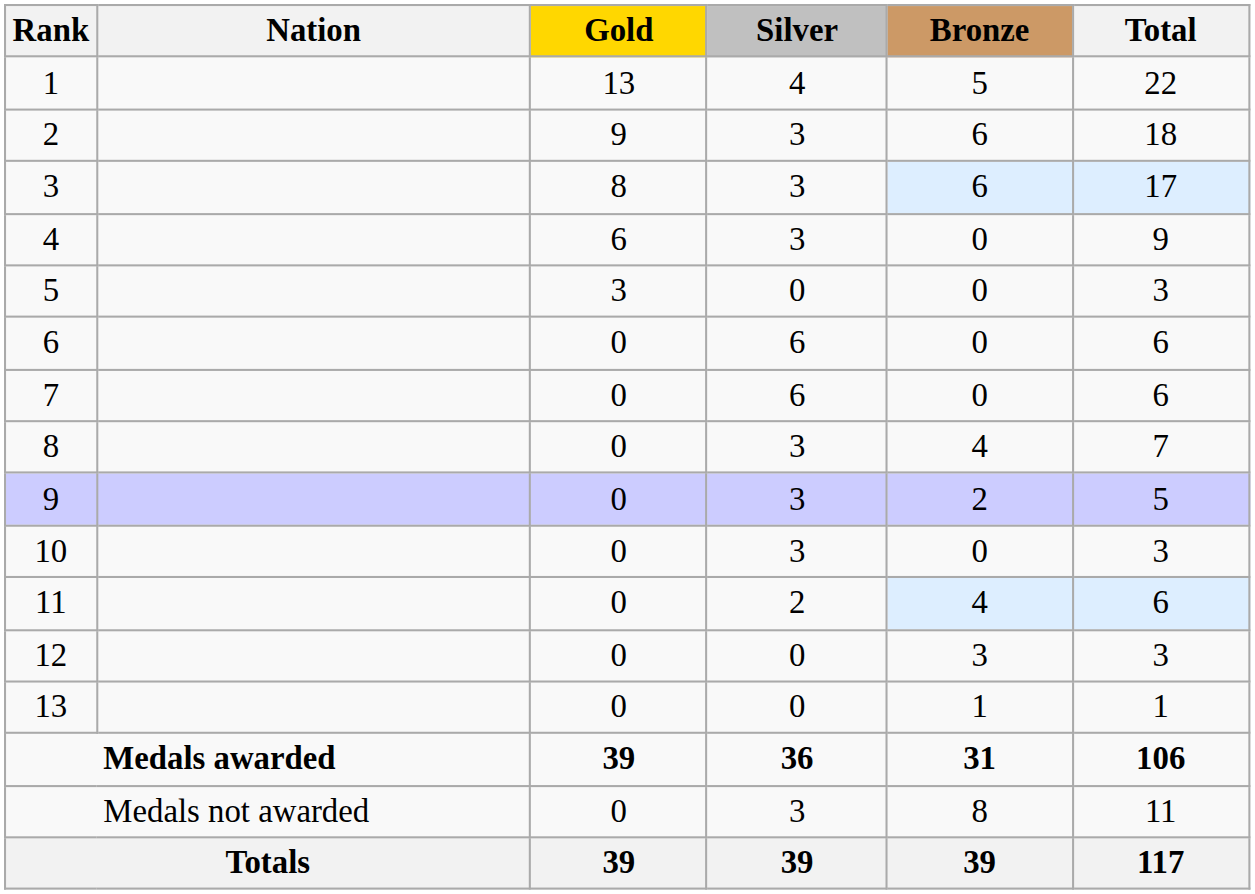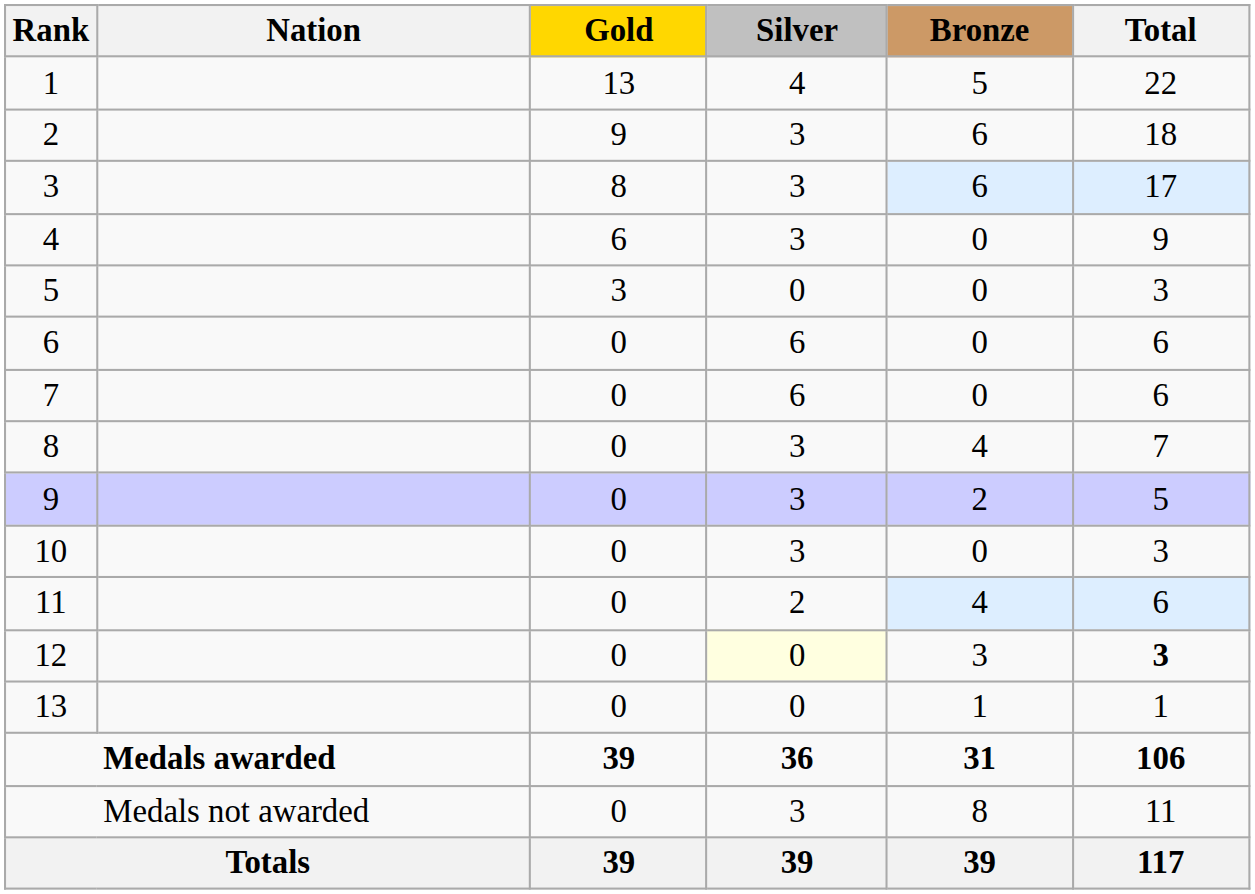 <table class="wikitable sortable plainrowheaders" style="text-align: center">
 <tr>
 <th scope="col">Rank</th>
 <th scope="col" style="width:260px">Nation</th>
 <th scope="col" style="background-color:gold; width:6em;">Gold</th>
 <th scope="col" style="background-color:silver; width:6em;">Silver</th>
 <th scope="col" style="background-color:#cc9966; width:6em;">Bronze</th>
 <th scope="col" style="width:6em;">Total</th>
 </tr>
 <tr>
 <td>1</td>
 <td align=left></td>
 <td>13</td>
 <td>4</td>
 <td>5</td>
 <td>22</td>
 </tr>
 <tr>
 <td>2</td>
 <td align=left></td>
 <td>9</td>
 <td>3</td>
 <td>6</td>
 <td>18</td>
 </tr>
 <tr>
 <td>3</td>
 <td align=left></td>
 <td>8</td>
 <td>3</td>
 <td style="background:#def;"> 6 </td>
 <td style="background:#def;"> 17 </td>
 </tr>
 <tr>
 <td>4</td>
 <td align=left></td>
 <td>6</td>
 <td>3</td>
 <td>0</td>
 <td>9</td>
 </tr>
 <tr>
 <td>5</td>
 <td align=left></td>
 <td>3</td>
 <td>0</td>
 <td>0</td>
 <td>3</td>
 </tr>
 <tr>
 <td>6</td>
 <td align=left></td>
 <td>0</td>
 <td>6</td>
 <td>0</td>
 <td>6</td>
 </tr>
 <tr>
 <td>7</td>
 <td align=left></td>
 <td>0</td>
 <td>6</td>
 <td>0</td>
 <td>6</td>
 </tr>
 <tr>
 <td>8</td>
 <td align=left></td>
 <td>0</td>
 <td>3</td>
 <td>4</td>
 <td>7</td>
 </tr>
 <tr bgcolor=#ccf>
 <td>9</td>
 <td align=left></td>
 <td>0</td>
 <td>3</td>
 <td>2</td>
 <td>5</td>
 </tr>
 <tr>
 <td>10</td>
 <td align=left></td>
 <td>0</td>
 <td>3</td>
 <td>0</td>
 <td>3</td>
 </tr>
 <tr>
 <td>11</td>
 <td align=left></td>
 <td>0</td>
 <td>2</td>
 <td style="background:#def;"> 4 </td>
 <td style="background:#def;"> 6 </td>
 </tr>
 <tr>
 <td>12</td>
 <td align=left></td>
 <td>0</td>
-<td>0</td>
+<td style="background: lightyellow;">0</td>
 <td>3</td>
-<td>3</td>
+<td><strong>3</strong></td>
 </tr>
 <tr>
 <td>13</td>
 <td align=left></td>
 <td>0</td>
 <td>0</td>
 <td>1</td>
 <td>1</td>
 </tr>
 <tr>
 <td style="border-right:0px;"> </td>
 <td style="border-left:0px; text-align:left;"><strong>Medals awarded</strong></td>
 <td><strong>39</strong></td>
 <td><strong>36</strong></td>
 <td><strong>31</strong></td>
 <td><strong>106</strong></td>
 </tr>
 <tr>
 <td style="border-right:0px;"> </td>
 <td style="border-left:0px; text-align:left;">Medals not awarded</td>
 <td>0</td>
 <td>3</td>
 <td>8</td>
 <td> 11 </td>
 </tr>
 <tr>
 <th colspan=2>Totals</th>
 <th>39</th>
 <th>39</th>
 <th>39</th>
 <th>117</th>
 </tr>
 </table>
